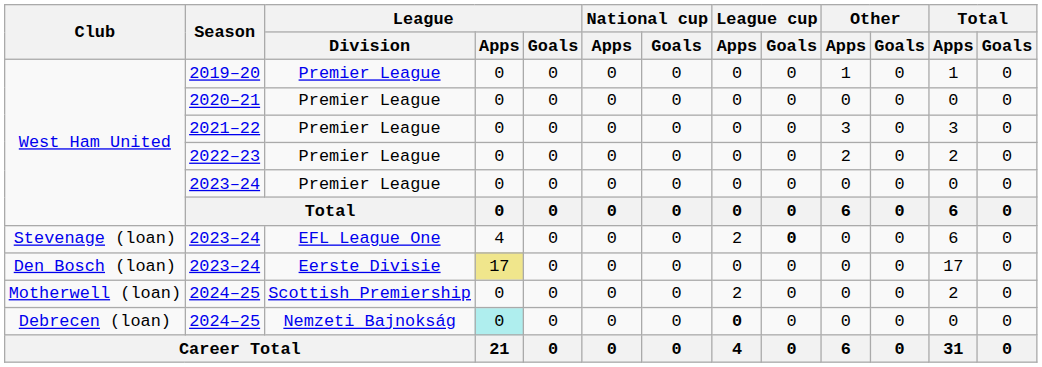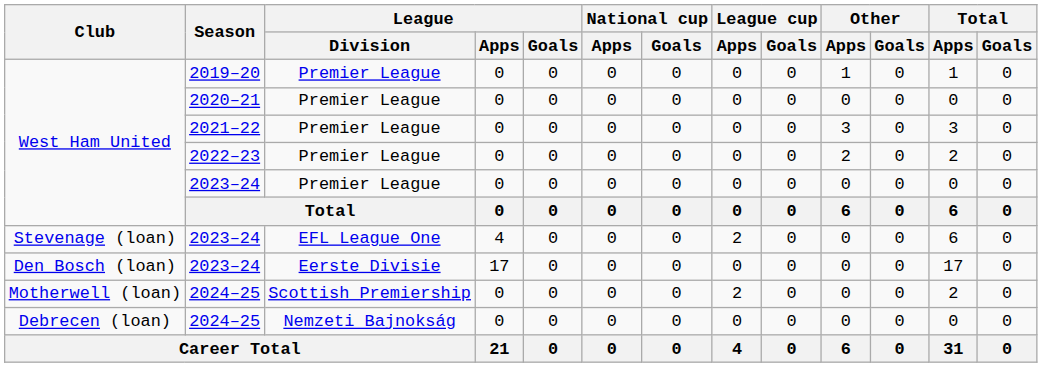 <table class="wikitable" style="text-align:center">
 <tr>
 <th rowspan="2">Club</th>
 <th rowspan="2">Season</th>
 <th colspan="3">League</th>
 <th colspan="2">National cup</th>
 <th colspan="2">League cup</th>
 <th colspan="2">Other</th>
 <th colspan="2">Total</th>
 </tr>
 <tr>
 <th>Division</th>
 <th>Apps</th>
 <th>Goals</th>
 <th>Apps</th>
 <th>Goals</th>
 <th>Apps</th>
 <th>Goals</th>
 <th>Apps</th>
 <th>Goals</th>
 <th>Apps</th>
 <th>Goals</th>
 </tr>
 <tr>
 <td rowspan="6"><a href='#'>West Ham United</a></td>
 <td><a href='#'>2019–20</a></td>
 <td><a href='#'>Premier League</a></td>
 <td>0</td>
 <td>0</td>
 <td>0</td>
 <td>0</td>
 <td>0</td>
 <td>0</td>
 <td>1</td>
 <td>0</td>
 <td>1</td>
 <td>0</td>
 </tr>
 <tr>
 <td><a href='#'>2020–21</a></td>
 <td>Premier League</td>
 <td>0</td>
 <td>0</td>
 <td>0</td>
 <td>0</td>
 <td>0</td>
 <td>0</td>
 <td>0</td>
 <td>0</td>
 <td>0</td>
 <td>0</td>
 </tr>
 <tr>
 <td><a href='#'>2021–22</a></td>
 <td>Premier League</td>
 <td>0</td>
 <td>0</td>
 <td>0</td>
 <td>0</td>
 <td>0</td>
 <td>0</td>
 <td>3</td>
 <td>0</td>
 <td>3</td>
 <td>0</td>
 </tr>
 <tr>
 <td><a href='#'>2022–23</a></td>
 <td>Premier League</td>
 <td>0</td>
 <td>0</td>
 <td>0</td>
 <td>0</td>
 <td>0</td>
 <td>0</td>
 <td>2</td>
 <td>0</td>
 <td>2</td>
 <td>0</td>
 </tr>
 <tr>
 <td><a href='#'>2023–24</a></td>
 <td>Premier League</td>
 <td>0</td>
 <td>0</td>
 <td>0</td>
 <td>0</td>
 <td>0</td>
 <td>0</td>
 <td>0</td>
 <td>0</td>
 <td>0</td>
 <td>0</td>
 </tr>
 <tr>
 <th colspan="2">Total</th>
 <th>0</th>
 <th>0</th>
 <th>0</th>
 <th>0</th>
 <th>0</th>
 <th>0</th>
 <th>6</th>
 <th>0</th>
 <th>6</th>
 <th>0</th>
 </tr>
 <tr>
 <td><a href='#'>Stevenage</a> (loan)</td>
 <td><a href='#'>2023–24</a></td>
 <td><a href='#'>EFL League One</a></td>
 <td>4</td>
 <td>0</td>
 <td>0</td>
 <td>0</td>
 <td>2</td>
-<td><strong>0</strong></td>
+<td>0</td>
 <td>0</td>
 <td>0</td>
 <td>6</td>
 <td>0</td>
 </tr>
 <tr>
 <td><a href='#'>Den Bosch</a> (loan)</td>
 <td><a href='#'>2023–24</a></td>
 <td><a href='#'>Eerste Divisie</a></td>
-<td style="background: khaki;">17</td>
+<td>17</td>
 <td>0</td>
 <td>0</td>
 <td>0</td>
 <td>0</td>
 <td>0</td>
 <td>0</td>
 <td>0</td>
 <td>17</td>
 <td>0</td>
 </tr>
 <tr>
 <td><a href='#'>Motherwell</a> (loan)</td>
 <td><a href='#'>2024–25</a></td>
 <td><a href='#'>Scottish Premiership</a></td>
 <td>0</td>
 <td>0</td>
 <td>0</td>
 <td>0</td>
 <td>2</td>
 <td>0</td>
 <td>0</td>
 <td>0</td>
 <td>2</td>
 <td>0</td>
 </tr>
 <tr>
 <td><a href='#'>Debrecen</a> (loan)</td>
 <td><a href='#'>2024–25</a></td>
 <td><a href='#'>Nemzeti Bajnokság</a></td>
-<td style="background: paleturquoise;">0</td>
 <td>0</td>
 <td>0</td>
 <td>0</td>
-<td><strong>0</strong></td>
+<td>0</td>
+<td>0</td>
 <td>0</td>
 <td>0</td>
 <td>0</td>
 <td>0</td>
 <td>0</td>
 </tr>
 <tr>
 <th colspan="3">Career Total</th>
 <th>21</th>
 <th>0</th>
 <th>0</th>
 <th>0</th>
 <th>4</th>
 <th>0</th>
 <th>6</th>
 <th>0</th>
 <th>31</th>
 <th>0</th>
 </tr>
 </table>
